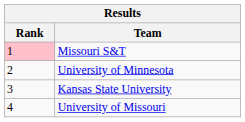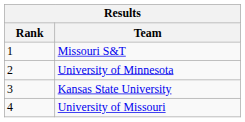 <table class="wikitable collapsible collapsed" style="min-width:20em;">
 <tr>
 <th colspan=2>Results</th>
 </tr>
 <tr>
 <th>Rank</th>
 <th>Team</th>
 </tr>
 <tr>
-<td style="background: pink;">1</td>
+<td>1</td>
 <td><a href='#'>Missouri S&T</a></td>
 </tr>
 <tr>
 <td>2</td>
 <td><a href='#'>University of Minnesota</a></td>
 </tr>
 <tr>
 <td>3</td>
 <td><a href='#'>Kansas State University</a></td>
 </tr>
 <tr>
 <td>4</td>
 <td><a href='#'>University of Missouri</a></td>
 </tr>
 </table>
